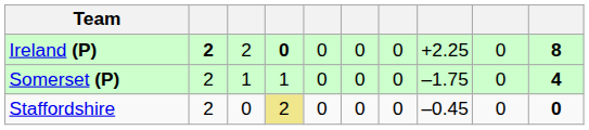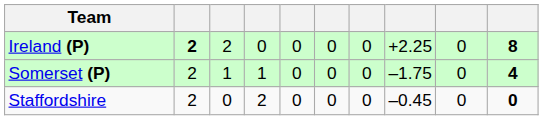 <table class="wikitable" style="text-align:center">
 <tr>
 <th width="150">Team</th>
 <th width="25"></th>
 <th width="25"></th>
 <th width="25"></th>
 <th width="25"></th>
 <th width="25"></th>
 <th width="25"></th>
 <th width="40"></th>
 <th width="40"></th>
 <th width="40"></th>
 </tr>
 <tr style="background:#cfc">
 <td style="text-align:left"><a href='#'>Ireland</a> <strong>(P)</strong></td>
 <td><strong>2</strong></td>
 <td>2</td>
-<td><strong>0</strong></td>
+<td>0</td>
 <td>0</td>
 <td>0</td>
 <td>0</td>
 <td>+2.25</td>
 <td>0</td>
 <td><strong>8</strong></td>
 </tr>
 <tr style="background:#cfc">
 <td style="text-align:left"><a href='#'>Somerset</a> <strong>(P)</strong></td>
 <td>2</td>
 <td>1</td>
 <td>1</td>
 <td>0</td>
 <td>0</td>
 <td>0</td>
 <td>–1.75</td>
 <td>0</td>
 <td><strong>4</strong></td>
 </tr>
 <tr>
 <td style="text-align:left"><a href='#'>Staffordshire</a></td>
 <td>2</td>
 <td>0</td>
-<td style="background: khaki;">2</td>
+<td>2</td>
 <td>0</td>
 <td>0</td>
 <td>0</td>
 <td>–0.45</td>
 <td>0</td>
 <td><strong>0</strong></td>
 </tr>
 </table>
